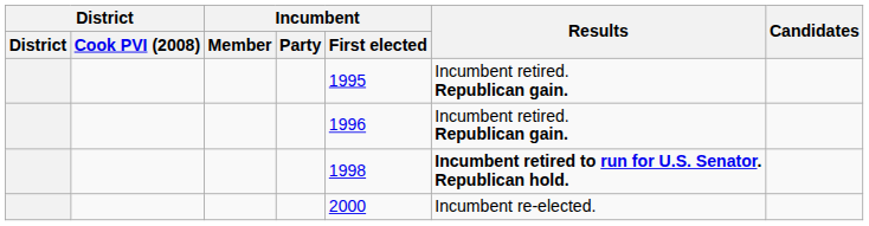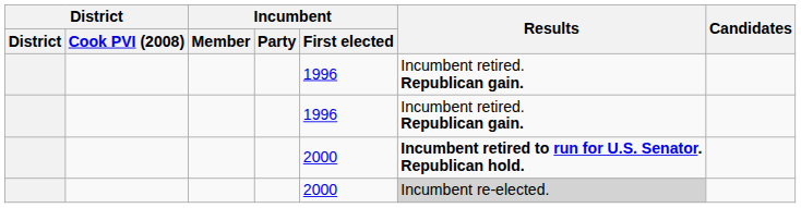 <table class="wikitable sortable">
 <tr>
 <th colspan=2>District</th>
 <th colspan=3>Incumbent</th>
 <th rowspan=2>Results</th>
 <th rowspan=2>Candidates</th>
 </tr>
 <tr valign=bottom>
 <th>District</th>
 <th><a href='#'>Cook PVI</a> (2008)</th>
 <th>Member</th>
 <th>Party</th>
 <th>First elected</th>
 </tr>
 <tr>
 <th></th>
 <td></td>
 <td></td>
 <td></td>
-<td><a href='#'>1995</a></td>
+<td><a href='#'>1996</a></td>
 <td>Incumbent retired.<br><strong>Republican gain.</strong></td>
 <td nowrap></td>
 </tr>
 <tr>
 <th></th>
 <td></td>
 <td></td>
 <td></td>
 <td><a href='#'>1996</a></td>
 <td>Incumbent retired.<br><strong>Republican gain.</strong></td>
 <td nowrap></td>
 </tr>
 <tr>
 <th></th>
 <td></td>
 <td></td>
 <td></td>
-<td><a href='#'>1998</a></td>
+<td><a href='#'>2000</a></td>
 <td><strong>Incumbent retired to <a href='#'>run for U.S. Senator</a>.<br>Republican hold.</strong></td>
 <td nowrap></td>
 </tr>
 <tr>
 <th></th>
 <td></td>
 <td></td>
 <td></td>
 <td><a href='#'>2000</a></td>
-<td>Incumbent re-elected.</td>
+<td style="background: lightgrey;">Incumbent re-elected.</td>
 <td nowrap></td>
 </tr>
 </table>
